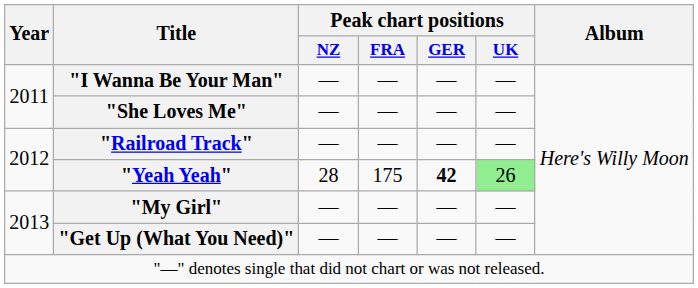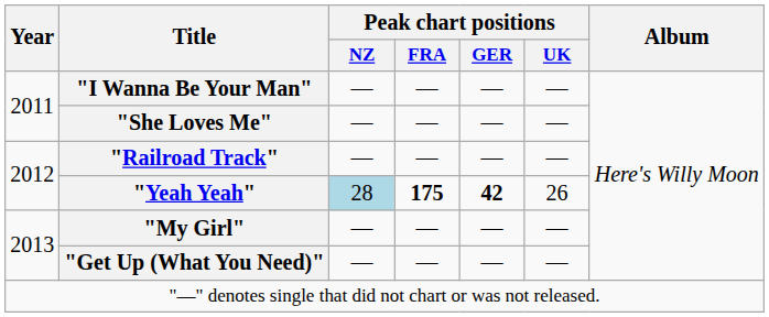 <table class="wikitable plainrowheaders" style="text-align:center;">
 <tr>
 <th scope="col" rowspan="2">Year</th>
 <th scope="col" rowspan="2">Title</th>
 <th scope="col" colspan="4">Peak chart positions</th>
 <th scope="col" rowspan="2">Album</th>
 </tr>
 <tr>
 <th scope="col" style="width:3em;font-size:85%;"><a href='#'>NZ</a><br></th>
 <th scope="col" style="width:3em;font-size:85%;"><a href='#'>FRA</a><br></th>
 <th scope="col" style="width:3em;font-size:85%;"><a href='#'>GER</a><br></th>
 <th scope="col" style="width:3em;font-size:85%;"><a href='#'>UK</a><br></th>
 </tr>
 <tr>
 <td rowspan="2">2011</td>
 <th scope="row">"I Wanna Be Your Man"</th>
 <td>—</td>
 <td>—</td>
 <td>—</td>
 <td>—</td>
 <td rowspan="6"><em>Here's Willy Moon</em></td>
 </tr>
 <tr>
 <th scope="row">"She Loves Me"</th>
 <td>—</td>
 <td>—</td>
 <td>—</td>
 <td>—</td>
 </tr>
 <tr>
 <td rowspan="2">2012</td>
 <th scope="row">"<a href='#'>Railroad Track</a>"</th>
 <td>—</td>
 <td>—</td>
 <td>—</td>
 <td>—</td>
 </tr>
 <tr>
 <th scope="row">"<a href='#'>Yeah Yeah</a>"</th>
-<td>28</td>
-<td>175</td>
+<td style="background: lightblue;">28</td>
+<td><strong>175</strong></td>
 <td><strong>42</strong></td>
-<td style="background: lightgreen;">26</td>
+<td>26</td>
 </tr>
 <tr>
 <td rowspan="2">2013</td>
 <th scope="row">"My Girl"</th>
 <td>—</td>
 <td>—</td>
 <td>—</td>
 <td>—</td>
 </tr>
 <tr>
 <th scope="row">"Get Up (What You Need)"</th>
 <td>—</td>
 <td>—</td>
 <td>—</td>
 <td>—</td>
 </tr>
 <tr>
 <td colspan="18" style="font-size:85%">"—" denotes single that did not chart or was not released.</td>
 </tr>
 </table>
